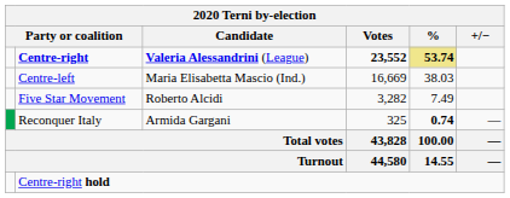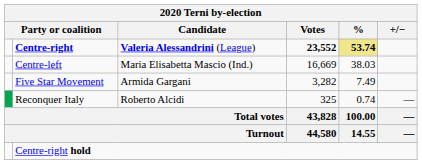 <table class = "wikitable" style="font-size:99%;">
 <tr>
 <td colspan=6 style = "background-color:#F2F2F2; text-align:center;"><strong>2020 Terni by-election</strong></td>
 </tr>
 <tr>
 <th style = "width: 160px;" colspan=2>Party or coalition</th>
 <th style = "width: 240px;">Candidate</th>
 <th style = "width: 70px;">Votes</th>
 <th style = "width: 50px;">%</th>
 <th style = "width: 50px;">+/−</th>
 </tr>
 <tr>
 <td style="width: 5px;background-color:"></td>
 <td><strong><a href='#'>Centre-right</a></strong></td>
 <td><strong><a href='#'>Valeria Alessandrini</a></strong> (<a href='#'>League</a>)</td>
 <td style="text-align:right;"><strong>23,552</strong></td>
 <td style="background: khaki; text-align:right;"><strong>53.74</strong></td>
 <td style="text-align:right;"></td>
 </tr>
 <tr>
 <td style="background-color:"></td>
 <td><a href='#'>Centre-left</a></td>
 <td>Maria Elisabetta Mascio (Ind.)</td>
 <td style="text-align:right;">16,669</td>
 <td style="text-align:right;">38.03</td>
 <td style="text-align:right;"></td>
 </tr>
 <tr>
 <td style="background-color:"></td>
 <td><a href='#'>Five Star Movement</a></td>
-<td>Roberto Alcidi</td>
+<td>Armida Gargani</td>
 <td style = "text-align:right;">3,282</td>
 <td style = "text-align:right;">7.49</td>
 <td style = "text-align:right;"></td>
 </tr>
 <tr>
 <td style = "background-color:#00A650"></td>
 <td>Reconquer Italy</td>
-<td>Armida Gargani</td>
+<td>Roberto Alcidi</td>
 <td style = "text-align:right;">325</td>
-<td style = "text-align:right;"><strong>0.74</strong></td>
+<td style = "text-align:right;">0.74</td>
 <td style = "text-align:right;">—</td>
 </tr>
 <tr>
 <td colspan=3 style = "background-color:#F2F2F2; text-align:right;"><strong>Total votes</strong></td>
 <td style = "background-color:#F2F2F2; text-align:right;"><strong>43,828</strong></td>
 <td style = "background-color:#F2F2F2; text-align:right;"><strong>100.00</strong></td>
 <td style = "background-color:#F2F2F2; text-align:right;"><strong>—</strong></td>
 </tr>
 <tr>
 <td colspan=3 style = "background-color:#F2F2F2; text-align:right;"><strong>Turnout</strong></td>
 <td style = "background-color:#F2F2F2; text-align:right;"><strong>44,580</strong></td>
 <td style = "background-color:#F2F2F2; text-align:right;"><strong>14.55</strong></td>
 <td style = "background-color:#F2F2F2; text-align:right;"><strong>—</strong></td>
 </tr>
 <tr>
 <td style="background-color:"></td>
 <td colspan=5 style = "text-align:left;"><a href='#'>Centre-right</a> <strong>hold</strong></td>
 </tr>
 </table>
